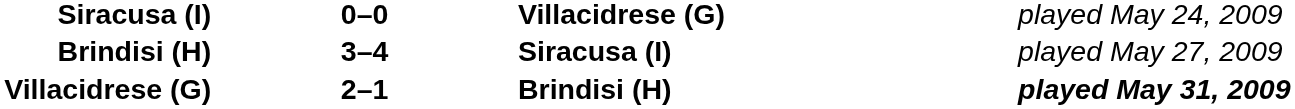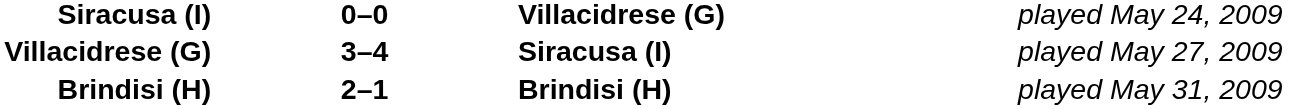 <table width="100%" cellspacing="1">
 <tr>
 <th width="20%"></th>
 <th width="12%"></th>
 <th width="20%"></th>
 <th width="20%"></th>
 <th></th>
 </tr>
 <tr style="font-size:90%;">
 <td align="right"><strong>Siracusa (I)</strong></td>
 <td align="center"><strong>0–0</strong></td>
 <td align="left"><strong>Villacidrese (G)</strong></td>
 <td align="left"><em>played May 24, 2009</em></td>
 </tr>
 <tr style="font-size:90%;">
-<td align="right"><strong>Brindisi (H)</strong></td>
+<td align="right"><strong>Villacidrese (G)</strong></td>
 <td align="center"><strong>3–4</strong></td>
 <td align="left"><strong>Siracusa (I)</strong></td>
 <td align="left"><em>played May 27, 2009</em></td>
 </tr>
 <tr style="font-size:90%;">
-<td align="right"><strong>Villacidrese (G)</strong></td>
+<td align="right"><strong>Brindisi (H)</strong></td>
 <td align="center"><strong>2–1</strong></td>
 <td align="left"><strong>Brindisi (H)</strong></td>
-<td align="left"><strong><em>played May 31, 2009</em></strong></td>
+<td align="left"><em>played May 31, 2009</em></td>
 </tr>
 </table>
